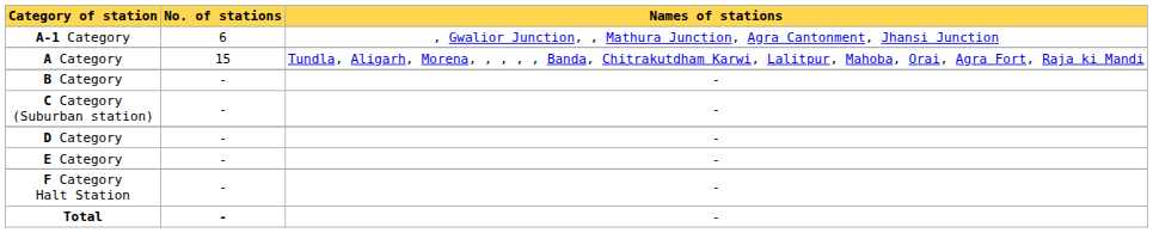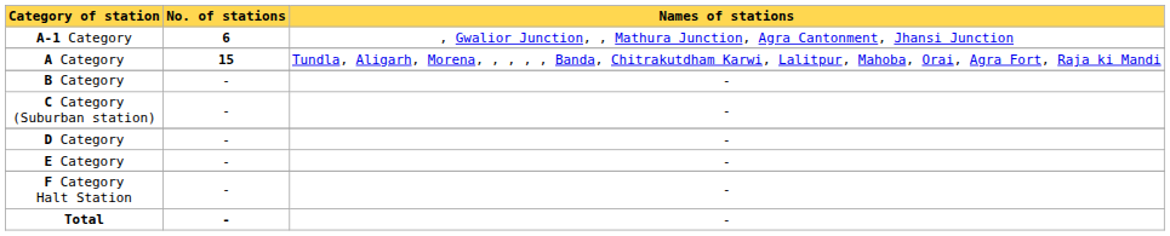 <table class="wikitable sortable" style="background:#fff;">
 <tr>
 <th style="background:#ffd750;">Category of station</th>
 <th style="background:#ffd750;">No. of stations</th>
 <th style="background:#ffd750;">Names of stations</th>
 </tr>
 <tr>
 <td style="text-align:center;"><strong>A-1</strong> Category</td>
-<td style="text-align:center;">6</td>
+<td style="text-align:center;"><strong>6</strong></td>
 <td style="text-align:center;">, <a href='#'>Gwalior Junction</a>, , <a href='#'>Mathura Junction</a>, <a href='#'>Agra Cantonment</a>, <a href='#'>Jhansi Junction</a></td>
 </tr>
 <tr>
 </tr>
 <tr>
 <td style="text-align:center;"><strong>A</strong> Category</td>
-<td style="text-align:center;">15</td>
+<td style="text-align:center;"><strong>15</strong></td>
 <td style="text-align:center;"><a href='#'>Tundla</a>, <a href='#'>Aligarh</a>, <a href='#'>Morena</a>, , , , , <a href='#'>Banda</a>, <a href='#'>Chitrakutdham Karwi</a>, <a href='#'>Lalitpur</a>, <a href='#'>Mahoba</a>, <a href='#'>Orai</a>, <a href='#'>Agra Fort</a>, <a href='#'>Raja ki Mandi</a></td>
 </tr>
 <tr>
 </tr>
 <tr>
 <td style="text-align:center;"><strong>B</strong> Category</td>
 <td style="text-align:center;">-</td>
 <td style="text-align:center;">-</td>
 </tr>
 <tr>
 <td style="text-align:center;"><strong>C</strong> Category<br>(Suburban station)</td>
 <td style="text-align:center;">-</td>
 <td style="text-align:center;">-</td>
 </tr>
 <tr>
 </tr>
 <tr>
 <td style="text-align:center;"><strong>D</strong> Category</td>
 <td style="text-align:center;">-</td>
 <td style="text-align:center;">-</td>
 </tr>
 <tr>
 <td style="text-align:center;"><strong>E</strong> Category</td>
 <td style="text-align:center;">-</td>
 <td style="text-align:center;">-</td>
 </tr>
 <tr>
 </tr>
 <tr>
 <td style="text-align:center;"><strong>F</strong> Category<br>Halt Station</td>
 <td style="text-align:center;">-</td>
 <td style="text-align:center;">-</td>
 </tr>
 <tr>
 <td style="text-align:center;"><strong>Total</strong></td>
 <td style="text-align:center;"><strong>-</strong></td>
 <td style="text-align:center;">-</td>
 </tr>
 </table>
